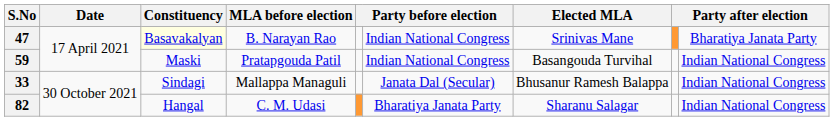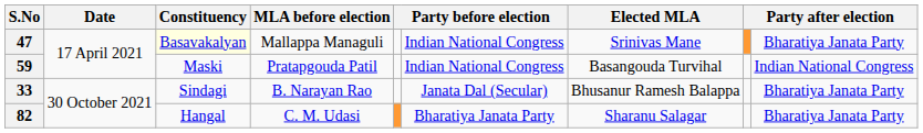 <table class="wikitable sortable" style="text-align:center;">
 <tr>
 <th>S.No</th>
 <th>Date</th>
 <th>Constituency</th>
 <th>MLA before election</th>
 <th colspan="2">Party before election</th>
 <th>Elected MLA</th>
 <th colspan="2">Party after election</th>
 </tr>
 <tr>
 <th>47</th>
 <td rowspan="2">17 April 2021</td>
 <td style="background: lightyellow;"><a href='#'>Basavakalyan</a></td>
-<td><a href='#'>B. Narayan Rao</a></td>
+<td>Mallappa Managuli</td>
 <td></td>
 <td><a href='#'>Indian National Congress</a></td>
 <td><a href='#'>Srinivas Mane</a></td>
 <td bgcolor=#FF9933></td>
 <td><a href='#'>Bharatiya Janata Party</a></td>
 </tr>
 <tr>
 <th>59</th>
 <td><a href='#'>Maski</a></td>
 <td><a href='#'>Pratapgouda Patil</a></td>
 <td></td>
 <td><a href='#'>Indian National Congress</a></td>
 <td>Basangouda Turvihal</td>
 <td></td>
 <td><a href='#'>Indian National Congress</a></td>
 </tr>
 <tr>
 <th>33</th>
 <td Rowspan=2>30 October 2021</td>
 <td><a href='#'>Sindagi</a></td>
-<td>Mallappa Managuli</td>
+<td><a href='#'>B. Narayan Rao</a></td>
 <td></td>
 <td><a href='#'>Janata Dal (Secular)</a></td>
 <td>Bhusanur Ramesh Balappa</td>
 <td></td>
-<td><a href='#'>Indian National Congress</a></td>
+<td><a href='#'>Bharatiya Janata Party</a></td>
 </tr>
 <tr>
 <th>82</th>
 <td><a href='#'>Hangal</a></td>
 <td><a href='#'>C. M. Udasi</a></td>
 <td bgcolor=#FF9933></td>
 <td><a href='#'>Bharatiya Janata Party</a></td>
 <td><a href='#'>Sharanu Salagar</a></td>
 <td></td>
-<td><a href='#'>Indian National Congress</a></td>
+<td><a href='#'>Bharatiya Janata Party</a></td>
 </tr>
 </table>
